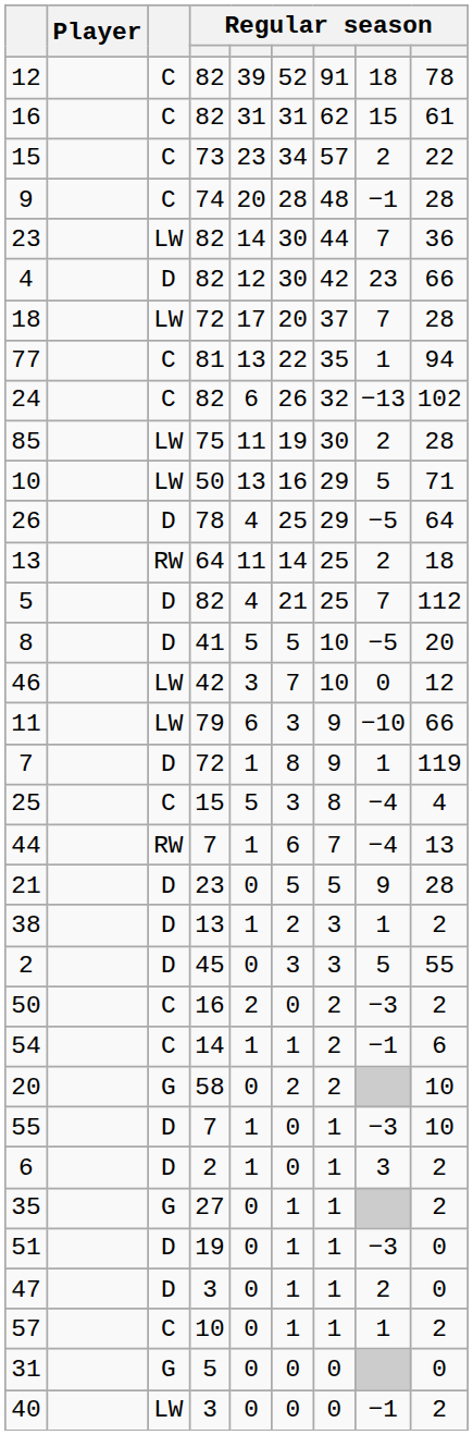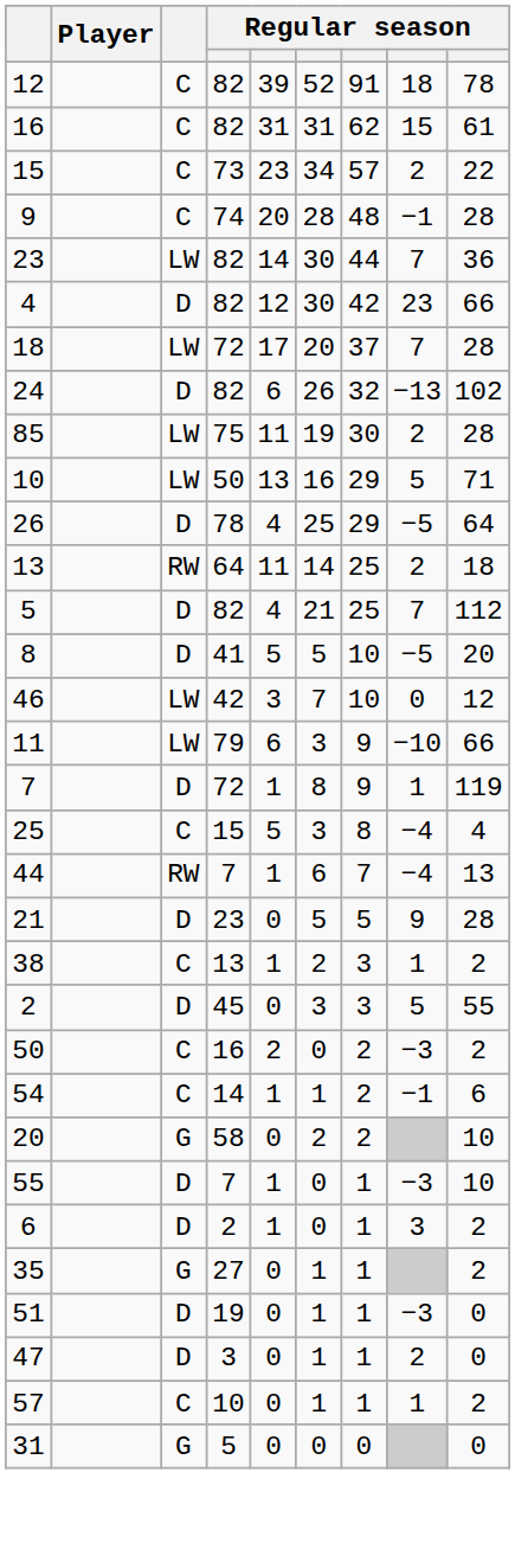 <table class="wikitable sortable plainrowheaders" style="text-align:center;">
 <tr>
 <th scope="col" data-sort-type="number" rowspan="2"></th>
 <th scope="col" rowspan="2">Player</th>
 <th scope="col" rowspan="2"></th>
 <th scope=colgroup colspan=6>Regular season</th>
 </tr>
 <tr>
 <th scope="col" data-sort-type="number"></th>
 <th scope="col" data-sort-type="number"></th>
 <th scope="col" data-sort-type="number"></th>
 <th scope="col" data-sort-type="number"></th>
 <th scope="col" data-sort-type="number"></th>
 <th scope="col" data-sort-type="number"></th>
 </tr>
 <tr>
 <td scope="row">12</td>
 <td align="left"></td>
 <td>C</td>
 <td>82</td>
 <td>39</td>
 <td>52</td>
 <td>91</td>
 <td>18</td>
 <td>78</td>
 </tr>
 <tr>
 <td scope="row">16</td>
 <td align="left"></td>
 <td>C</td>
 <td>82</td>
 <td>31</td>
 <td>31</td>
 <td>62</td>
 <td>15</td>
 <td>61</td>
 </tr>
 <tr>
 <td scope="row">15</td>
 <td align="left"></td>
 <td>C</td>
 <td>73</td>
 <td>23</td>
 <td>34</td>
 <td>57</td>
 <td>2</td>
 <td>22</td>
 </tr>
 <tr>
 <td scope="row">9</td>
 <td align="left"></td>
 <td>C</td>
 <td>74</td>
 <td>20</td>
 <td>28</td>
 <td>48</td>
 <td>−1</td>
 <td>28</td>
 </tr>
 <tr>
 <td scope="row">23</td>
 <td align="left"></td>
 <td>LW</td>
 <td>82</td>
 <td>14</td>
 <td>30</td>
 <td>44</td>
 <td>7</td>
 <td>36</td>
 </tr>
 <tr>
 <td scope="row">4</td>
 <td align="left"></td>
 <td>D</td>
 <td>82</td>
 <td>12</td>
 <td>30</td>
 <td>42</td>
 <td>23</td>
 <td>66</td>
 </tr>
 <tr>
 <td scope="row">18</td>
 <td align="left"></td>
 <td>LW</td>
 <td>72</td>
 <td>17</td>
 <td>20</td>
 <td>37</td>
 <td>7</td>
 <td>28</td>
 </tr>
 <tr>
-<td scope="row">77</td>
-<td align="left"></td>
-<td>C</td>
-<td>81</td>
-<td>13</td>
-<td>22</td>
-<td>35</td>
-<td>1</td>
-<td>94</td>
-</tr>
-<tr>
 <td scope="row">24</td>
 <td align="left"></td>
-<td>C</td>
+<td>D</td>
 <td>82</td>
 <td>6</td>
 <td>26</td>
 <td>32</td>
 <td>−13</td>
 <td>102</td>
 </tr>
 <tr>
 <td scope="row">85</td>
 <td align="left"></td>
 <td>LW</td>
 <td>75</td>
 <td>11</td>
 <td>19</td>
 <td>30</td>
 <td>2</td>
 <td>28</td>
 </tr>
 <tr>
 <td scope="row">10</td>
 <td align="left"></td>
 <td>LW</td>
 <td>50</td>
 <td>13</td>
 <td>16</td>
 <td>29</td>
 <td>5</td>
 <td>71</td>
 </tr>
 <tr>
 <td scope="row">26</td>
 <td align="left"></td>
 <td>D</td>
 <td>78</td>
 <td>4</td>
 <td>25</td>
 <td>29</td>
 <td>−5</td>
 <td>64</td>
 </tr>
 <tr>
 <td scope="row">13</td>
 <td align="left"></td>
 <td>RW</td>
 <td>64</td>
 <td>11</td>
 <td>14</td>
 <td>25</td>
 <td>2</td>
 <td>18</td>
 </tr>
 <tr>
 <td scope="row">5</td>
 <td align="left"></td>
 <td>D</td>
 <td>82</td>
 <td>4</td>
 <td>21</td>
 <td>25</td>
 <td>7</td>
 <td>112</td>
 </tr>
 <tr>
 <td scope="row">8</td>
 <td align="left"></td>
 <td>D</td>
 <td>41</td>
 <td>5</td>
 <td>5</td>
 <td>10</td>
 <td>−5</td>
 <td>20</td>
 </tr>
 <tr>
 <td scope="row">46</td>
 <td align="left"></td>
 <td>LW</td>
 <td>42</td>
 <td>3</td>
 <td>7</td>
 <td>10</td>
 <td>0</td>
 <td>12</td>
 </tr>
 <tr>
 <td scope="row">11</td>
 <td align="left"></td>
 <td>LW</td>
 <td>79</td>
 <td>6</td>
 <td>3</td>
 <td>9</td>
 <td>−10</td>
 <td>66</td>
 </tr>
 <tr>
 <td scope="row">7</td>
 <td align="left"></td>
 <td>D</td>
 <td>72</td>
 <td>1</td>
 <td>8</td>
 <td>9</td>
 <td>1</td>
 <td>119</td>
 </tr>
 <tr>
 <td scope="row">25</td>
 <td align="left"></td>
 <td>C</td>
 <td>15</td>
 <td>5</td>
 <td>3</td>
 <td>8</td>
 <td>−4</td>
 <td>4</td>
 </tr>
 <tr>
 <td scope="row">44</td>
 <td align="left"></td>
 <td>RW</td>
 <td>7</td>
 <td>1</td>
 <td>6</td>
 <td>7</td>
 <td>−4</td>
 <td>13</td>
 </tr>
 <tr>
 <td scope="row">21</td>
 <td align="left"></td>
 <td>D</td>
 <td>23</td>
 <td>0</td>
 <td>5</td>
 <td>5</td>
 <td>9</td>
 <td>28</td>
 </tr>
 <tr>
 <td scope="row">38</td>
 <td align="left"></td>
-<td>D</td>
+<td>C</td>
 <td>13</td>
 <td>1</td>
 <td>2</td>
 <td>3</td>
 <td>1</td>
 <td>2</td>
 </tr>
 <tr>
 <td scope="row">2</td>
 <td align="left"></td>
 <td>D</td>
 <td>45</td>
 <td>0</td>
 <td>3</td>
 <td>3</td>
 <td>5</td>
 <td>55</td>
 </tr>
 <tr>
 <td scope="row">50</td>
 <td align="left"></td>
 <td>C</td>
 <td>16</td>
 <td>2</td>
 <td>0</td>
 <td>2</td>
 <td>−3</td>
 <td>2</td>
 </tr>
 <tr>
 <td scope="row">54</td>
 <td align="left"></td>
 <td>C</td>
 <td>14</td>
 <td>1</td>
 <td>1</td>
 <td>2</td>
 <td>−1</td>
 <td>6</td>
 </tr>
 <tr>
 <td scope="row">20</td>
 <td align="left"></td>
 <td>G</td>
 <td>58</td>
 <td>0</td>
 <td>2</td>
 <td>2</td>
 <td style="background:#ccc"></td>
 <td>10</td>
 </tr>
 <tr>
 <td scope="row">55</td>
 <td align="left"></td>
 <td>D</td>
 <td>7</td>
 <td>1</td>
 <td>0</td>
 <td>1</td>
 <td>−3</td>
 <td>10</td>
 </tr>
 <tr>
 <td scope="row">6</td>
 <td align="left"></td>
 <td>D</td>
 <td>2</td>
 <td>1</td>
 <td>0</td>
 <td>1</td>
 <td>3</td>
 <td>2</td>
 </tr>
 <tr>
 <td scope="row">35</td>
 <td align="left"></td>
 <td>G</td>
 <td>27</td>
 <td>0</td>
 <td>1</td>
 <td>1</td>
 <td style="background:#ccc"></td>
 <td>2</td>
 </tr>
 <tr>
 <td scope="row">51</td>
 <td align="left"></td>
 <td>D</td>
 <td>19</td>
 <td>0</td>
 <td>1</td>
 <td>1</td>
 <td>−3</td>
 <td>0</td>
 </tr>
 <tr>
 <td scope="row">47</td>
 <td align="left"></td>
 <td>D</td>
 <td>3</td>
 <td>0</td>
 <td>1</td>
 <td>1</td>
 <td>2</td>
 <td>0</td>
 </tr>
 <tr>
 <td scope="row">57</td>
 <td align="left"></td>
 <td>C</td>
 <td>10</td>
 <td>0</td>
 <td>1</td>
 <td>1</td>
 <td>1</td>
 <td>2</td>
 </tr>
 <tr>
 <td scope="row">31</td>
 <td align="left"></td>
 <td>G</td>
 <td>5</td>
 <td>0</td>
 <td>0</td>
 <td>0</td>
 <td style="background:#ccc"></td>
 <td>0</td>
 </tr>
-<tr>
-<td scope="row">40</td>
-<td align="left"></td>
-<td>LW</td>
-<td>3</td>
-<td>0</td>
-<td>0</td>
-<td>0</td>
-<td>−1</td>
-<td>2</td>
-</tr>
 </table>
